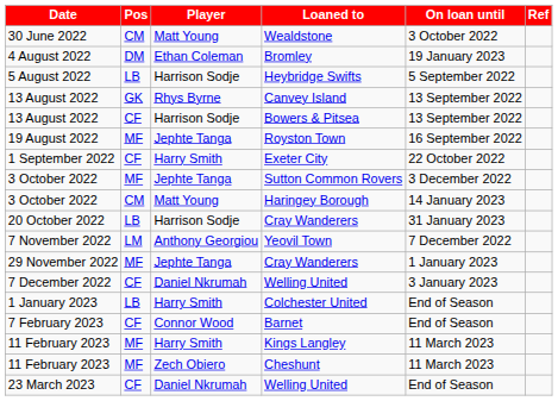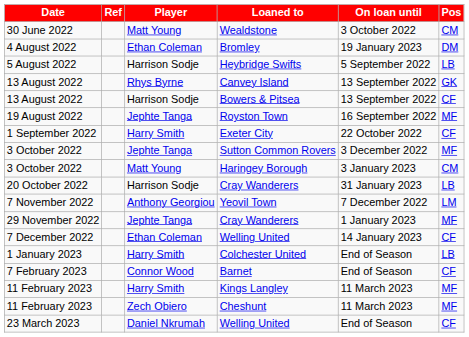 <table class="wikitable plainrowheaders sortable">
 <tr>
 <th style="background:#FF0000; color:#FFFFFF; ">Date</th>
-<th style="background:#FF0000; color:#FFFFFF; ">Pos</th>
+<th style="background:#FF0000; color:#FFFFFF; ">Ref</th>
 <th style="background:#FF0000; color:#FFFFFF; ">Player</th>
 <th style="background:#FF0000; color:#FFFFFF; ">Loaned to</th>
 <th style="background:#FF0000; color:#FFFFFF; ">On loan until</th>
-<th style="background:#FF0000; color:#FFFFFF; ">Ref</th>
+<th style="background:#FF0000; color:#FFFFFF; ">Pos</th>
 </tr>
 <tr>
 <td>30 June 2022</td>
-<td><a href='#'>CM</a></td>
+<td></td>
 <td> <a href='#'>Matt Young</a></td>
 <td> <a href='#'>Wealdstone</a></td>
 <td>3 October 2022</td>
-<td></td>
+<td><a href='#'>CM</a></td>
 </tr>
 <tr>
 <td>4 August 2022</td>
-<td><a href='#'>DM</a></td>
+<td></td>
 <td> <a href='#'>Ethan Coleman</a></td>
 <td> <a href='#'>Bromley</a></td>
 <td>19 January 2023</td>
-<td></td>
+<td><a href='#'>DM</a></td>
 </tr>
 <tr>
 <td>5 August 2022</td>
-<td><a href='#'>LB</a></td>
+<td></td>
 <td> Harrison Sodje</td>
 <td> <a href='#'>Heybridge Swifts</a></td>
 <td>5 September 2022</td>
-<td></td>
+<td><a href='#'>LB</a></td>
 </tr>
 <tr>
 <td>13 August 2022</td>
-<td><a href='#'>GK</a></td>
+<td></td>
 <td> <a href='#'>Rhys Byrne</a></td>
 <td> <a href='#'>Canvey Island</a></td>
 <td>13 September 2022</td>
-<td></td>
+<td><a href='#'>GK</a></td>
 </tr>
 <tr>
 <td>13 August 2022</td>
-<td><a href='#'>CF</a></td>
+<td></td>
 <td> Harrison Sodje</td>
 <td> <a href='#'>Bowers & Pitsea</a></td>
 <td>13 September 2022</td>
-<td></td>
+<td><a href='#'>CF</a></td>
 </tr>
 <tr>
 <td>19 August 2022</td>
-<td><a href='#'>MF</a></td>
+<td></td>
 <td> <a href='#'>Jephte Tanga</a></td>
 <td> <a href='#'>Royston Town</a></td>
 <td>16 September 2022</td>
-<td></td>
+<td><a href='#'>MF</a></td>
 </tr>
 <tr>
 <td>1 September 2022</td>
-<td><a href='#'>CF</a></td>
+<td></td>
 <td> <a href='#'>Harry Smith</a></td>
 <td> <a href='#'>Exeter City</a></td>
 <td>22 October 2022</td>
-<td></td>
+<td><a href='#'>CF</a></td>
 </tr>
 <tr>
 <td>3 October 2022</td>
-<td><a href='#'>MF</a></td>
+<td></td>
 <td> <a href='#'>Jephte Tanga</a></td>
 <td> <a href='#'>Sutton Common Rovers</a></td>
 <td>3 December 2022</td>
-<td></td>
+<td><a href='#'>MF</a></td>
 </tr>
 <tr>
 <td>3 October 2022</td>
-<td><a href='#'>CM</a></td>
+<td></td>
 <td> <a href='#'>Matt Young</a></td>
 <td> <a href='#'>Haringey Borough</a></td>
-<td>14 January 2023</td>
-<td></td>
+<td>3 January 2023</td>
+<td><a href='#'>CM</a></td>
 </tr>
 <tr>
 <td>20 October 2022</td>
-<td><a href='#'>LB</a></td>
+<td></td>
 <td> Harrison Sodje</td>
 <td> <a href='#'>Cray Wanderers</a></td>
 <td>31 January 2023</td>
-<td></td>
+<td><a href='#'>LB</a></td>
 </tr>
 <tr>
 <td>7 November 2022</td>
-<td><a href='#'>LM</a></td>
+<td></td>
 <td> <a href='#'>Anthony Georgiou</a></td>
 <td> <a href='#'>Yeovil Town</a></td>
 <td>7 December 2022</td>
-<td></td>
+<td><a href='#'>LM</a></td>
 </tr>
 <tr>
 <td>29 November 2022</td>
-<td><a href='#'>MF</a></td>
+<td></td>
 <td> <a href='#'>Jephte Tanga</a></td>
 <td> <a href='#'>Cray Wanderers</a></td>
 <td>1 January 2023</td>
-<td></td>
+<td><a href='#'>MF</a></td>
 </tr>
 <tr>
 <td>7 December 2022</td>
+<td></td>
+<td> <a href='#'>Ethan Coleman</a></td>
+<td> <a href='#'>Welling United</a></td>
+<td>14 January 2023</td>
 <td><a href='#'>CF</a></td>
-<td> <a href='#'>Daniel Nkrumah</a></td>
-<td> <a href='#'>Welling United</a></td>
-<td>3 January 2023</td>
-<td></td>
 </tr>
 <tr>
 <td>1 January 2023</td>
-<td><a href='#'>LB</a></td>
+<td></td>
 <td> <a href='#'>Harry Smith</a></td>
 <td> <a href='#'>Colchester United</a></td>
 <td>End of Season</td>
-<td></td>
+<td><a href='#'>LB</a></td>
 </tr>
 <tr>
 <td>7 February 2023</td>
-<td><a href='#'>CF</a></td>
+<td></td>
 <td> <a href='#'>Connor Wood</a></td>
 <td> <a href='#'>Barnet</a></td>
 <td>End of Season</td>
-<td></td>
+<td><a href='#'>CF</a></td>
 </tr>
 <tr>
 <td>11 February 2023</td>
-<td><a href='#'>MF</a></td>
+<td></td>
 <td> <a href='#'>Harry Smith</a></td>
 <td> <a href='#'>Kings Langley</a></td>
 <td>11 March 2023</td>
-<td></td>
+<td><a href='#'>MF</a></td>
 </tr>
 <tr>
 <td>11 February 2023</td>
-<td><a href='#'>MF</a></td>
+<td></td>
 <td> <a href='#'>Zech Obiero</a></td>
 <td> <a href='#'>Cheshunt</a></td>
 <td>11 March 2023</td>
-<td></td>
+<td><a href='#'>MF</a></td>
 </tr>
 <tr>
 <td>23 March 2023</td>
-<td><a href='#'>CF</a></td>
+<td></td>
 <td> <a href='#'>Daniel Nkrumah</a></td>
 <td> <a href='#'>Welling United</a></td>
 <td>End of Season</td>
-<td></td>
+<td><a href='#'>CF</a></td>
 </tr>
 </table>
